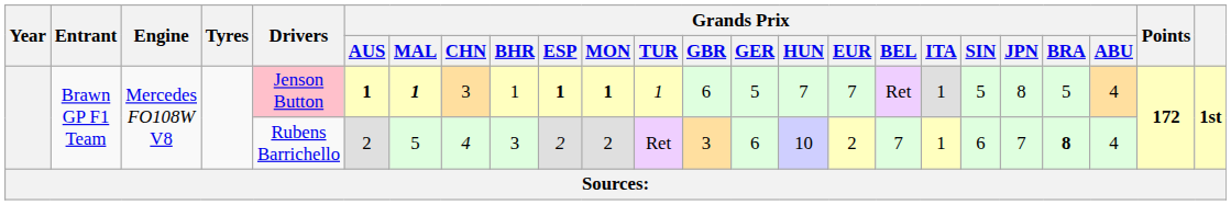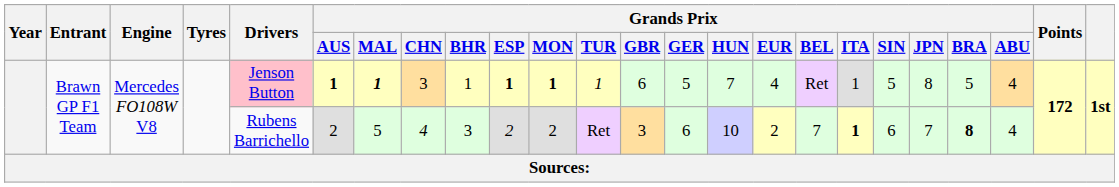 <table class="wikitable" style="text-align:center; font-size:90%">
 <tr>
 <th rowspan="2">Year</th>
 <th rowspan="2">Entrant</th>
 <th rowspan="2">Engine</th>
 <th rowspan="2">Tyres</th>
 <th rowspan="2">Drivers</th>
 <th colspan="17">Grands Prix</th>
 <th rowspan="2">Points</th>
 <th rowspan="2"></th>
 </tr>
 <tr>
 <th><a href='#'>AUS</a></th>
 <th><a href='#'>MAL</a></th>
 <th><a href='#'>CHN</a></th>
 <th><a href='#'>BHR</a></th>
 <th><a href='#'>ESP</a></th>
 <th><a href='#'>MON</a></th>
 <th><a href='#'>TUR</a></th>
 <th><a href='#'>GBR</a></th>
 <th><a href='#'>GER</a></th>
 <th><a href='#'>HUN</a></th>
 <th><a href='#'>EUR</a></th>
 <th><a href='#'>BEL</a></th>
 <th><a href='#'>ITA</a></th>
 <th><a href='#'>SIN</a></th>
 <th><a href='#'>JPN</a></th>
 <th><a href='#'>BRA</a></th>
 <th><a href='#'>ABU</a></th>
 </tr>
 <tr>
 <th rowspan="2"></th>
 <td rowspan="2"><a href='#'>Brawn GP F1 Team</a></td>
 <td rowspan="2"><a href='#'>Mercedes</a> <em>FO108W</em> <a href='#'>V8</a></td>
 <td rowspan="2"></td>
 <td align="center" style="background: pink;"> <a href='#'>Jenson Button</a></td>
 <td style="background-color:#FFFFBF"><strong>1</strong></td>
 <td style="background-color:#FFFFBF"><strong><em>1</em></strong></td>
 <td style="background-color:#FFDF9F">3</td>
 <td style="background-color:#FFFFBF">1</td>
 <td style="background-color:#FFFFBF"><strong>1</strong></td>
 <td style="background-color:#FFFFBF"><strong>1</strong></td>
 <td style="background-color:#FFFFBF"><em>1</em></td>
 <td style="background-color:#DFFFDF">6</td>
 <td style="background-color:#DFFFDF">5</td>
 <td style="background-color:#DFFFDF">7</td>
-<td style="background-color:#DFFFDF">7</td>
+<td style="background-color:#DFFFDF">4</td>
 <td style="background-color:#EFCFFF">Ret</td>
 <td style="background-color:#DFDFDF">1</td>
 <td style="background-color:#DFFFDF">5</td>
 <td style="background-color:#DFFFDF">8</td>
 <td style="background-color:#DFFFDF">5</td>
 <td style="background-color:#FFDF9F">4</td>
 <td rowspan=2 style="background-color:#FFFFBF"><strong>172</strong></td>
 <td rowspan=2 style="background-color:#FFFFBF"><strong>1st</strong></td>
 </tr>
 <tr>
 <td align="center"> <a href='#'>Rubens Barrichello</a></td>
 <td style="background-color:#DFDFDF">2</td>
 <td style="background-color:#DFFFDF">5</td>
 <td style="background-color:#DFFFDF"><em>4</em></td>
 <td style="background-color:#DFFFDF">3</td>
 <td style="background-color:#DFDFDF"><em>2</em></td>
 <td style="background-color:#DFDFDF">2</td>
 <td style="background-color:#EFCFFF">Ret</td>
 <td style="background-color:#FFDF9F">3</td>
 <td style="background-color:#DFFFDF">6</td>
 <td style="background-color:#CFCFFF">10</td>
 <td style="background-color:#FFFFBF">2</td>
 <td style="background-color:#DFFFDF">7</td>
-<td style="background-color:#FFFFBF">1</td>
+<td style="background-color:#FFFFBF"><strong>1</strong></td>
 <td style="background-color:#DFFFDF">6</td>
 <td style="background-color:#DFFFDF">7</td>
 <td style="background-color:#DFFFDF"><strong>8</strong></td>
 <td style="background-color:#DFFFDF">4</td>
 </tr>
 <tr>
 <th colspan="24">Sources:</th>
 </tr>
 </table>
